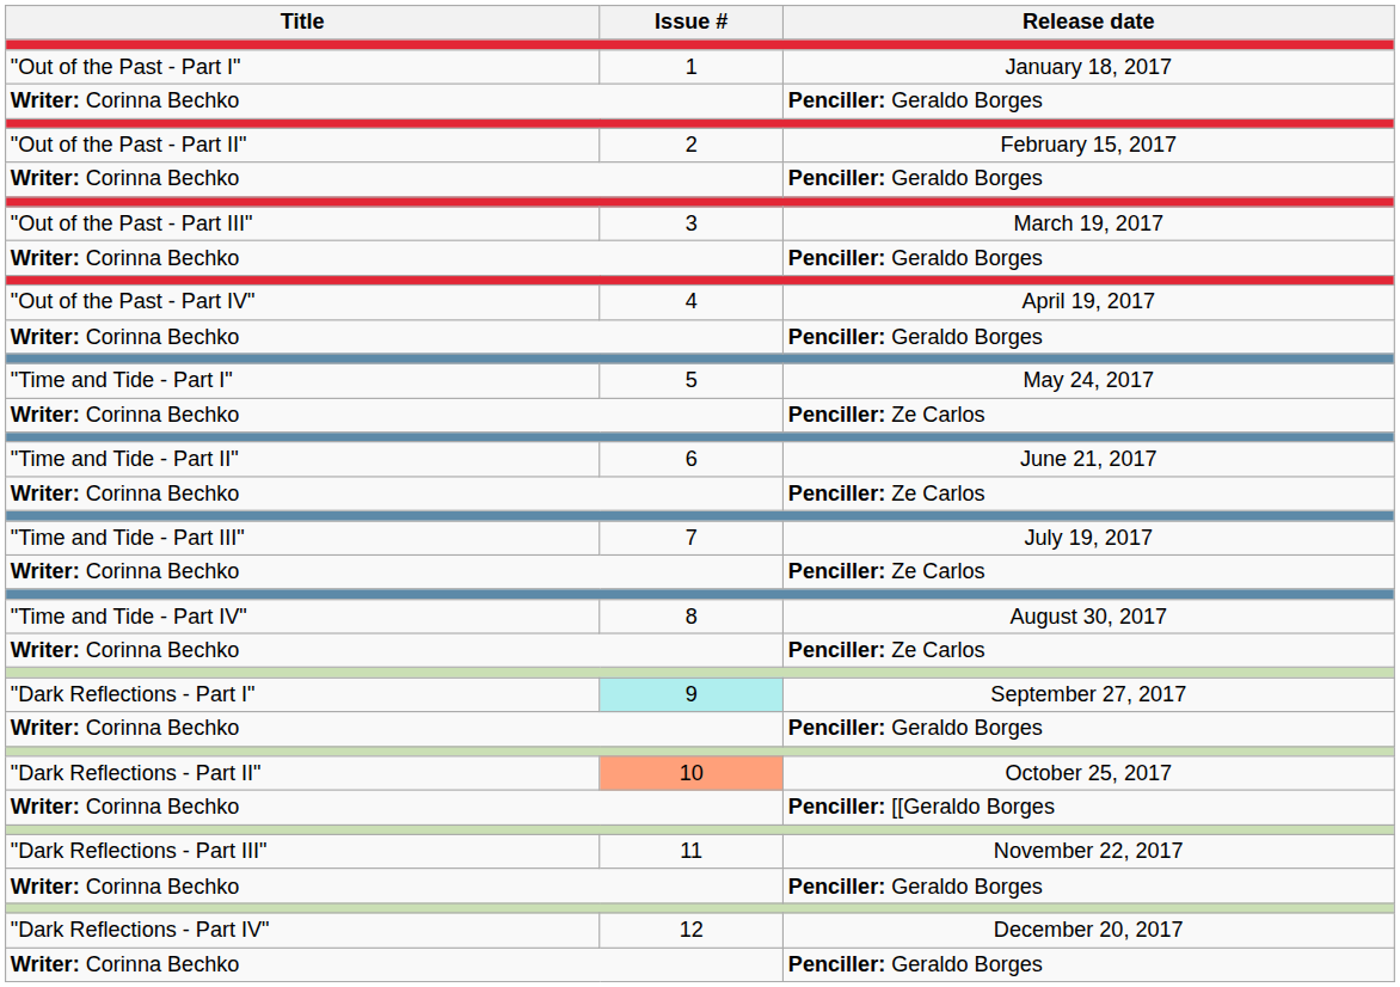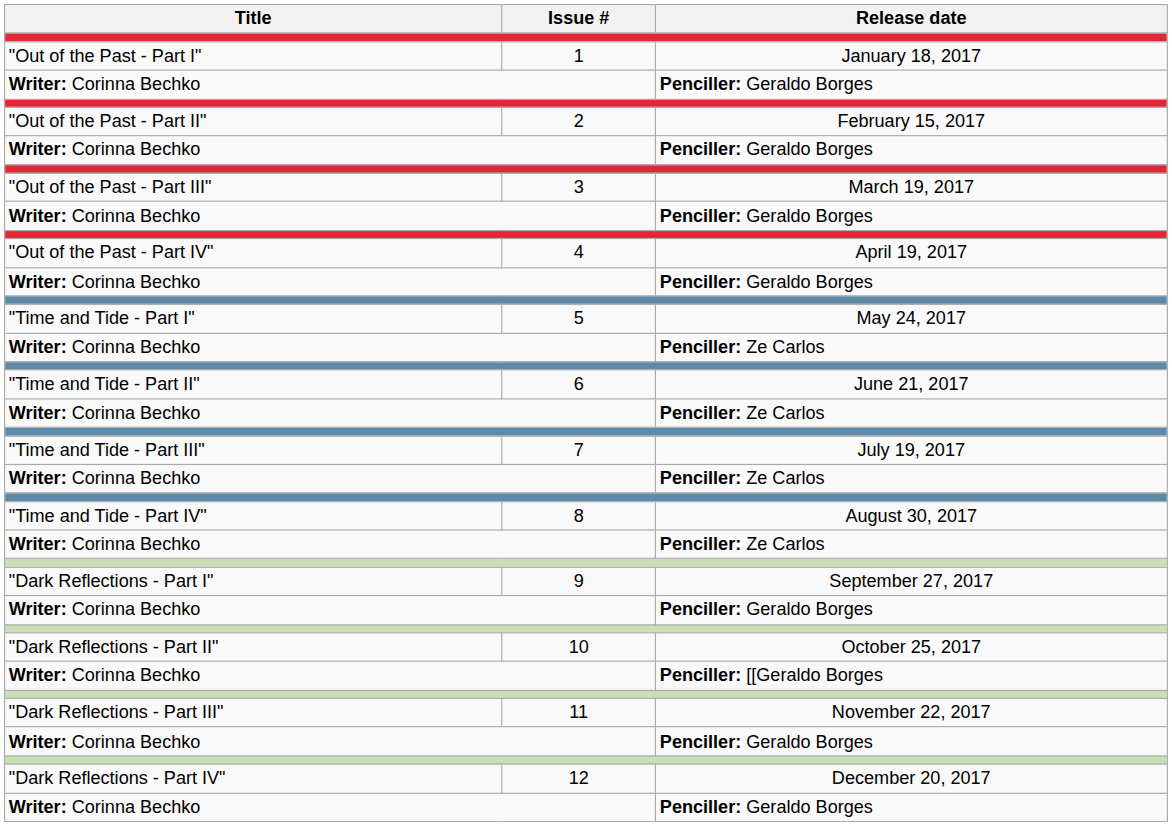 <table class="wikitable" style="width:65%;">
 <tr>
 <th>Title</th>
 <th>Issue #</th>
 <th>Release date</th>
 </tr>
 <tr>
 <td colspan="6" style="background:#e32636;"></td>
 </tr>
 <tr>
 <td>"Out of the Past - Part I"</td>
 <td style="text-align:center;">1</td>
 <td style="text-align:center;">January 18, 2017</td>
 </tr>
 <tr>
 <td colspan="2"><strong>Writer:</strong> Corinna Bechko</td>
 <td><strong>Penciller:</strong> Geraldo Borges</td>
 </tr>
 <tr>
 <td colspan="6" style="background:#e32636;"></td>
 </tr>
 <tr>
 <td>"Out of the Past - Part II"</td>
 <td style="text-align:center;">2</td>
 <td style="text-align:center;">February 15, 2017</td>
 </tr>
 <tr>
 <td colspan="2"><strong>Writer:</strong> Corinna Bechko</td>
 <td><strong>Penciller:</strong> Geraldo Borges</td>
 </tr>
 <tr>
 <td colspan="6" style="background:#e32636;"></td>
 </tr>
 <tr>
 <td>"Out of the Past - Part III"</td>
 <td style="text-align:center;">3</td>
 <td style="text-align:center;">March 19, 2017</td>
 </tr>
 <tr>
 <td colspan="2"><strong>Writer:</strong> Corinna Bechko</td>
 <td><strong>Penciller:</strong> Geraldo Borges</td>
 </tr>
 <tr>
 <td colspan="6" style="background:#e32636;"></td>
 </tr>
 <tr>
 <td>"Out of the Past - Part IV"</td>
 <td style="text-align:center;">4</td>
 <td style="text-align:center;">April 19, 2017</td>
 </tr>
 <tr>
 <td colspan="2"><strong>Writer:</strong> Corinna Bechko</td>
 <td><strong>Penciller:</strong> Geraldo Borges</td>
 </tr>
 <tr>
 <td colspan="6" style="background:#5d8aa8;"></td>
 </tr>
 <tr>
 <td>"Time and Tide - Part I"</td>
 <td style="text-align:center;">5</td>
 <td style="text-align:center;">May 24, 2017</td>
 </tr>
 <tr>
 <td colspan="2"><strong>Writer:</strong> Corinna Bechko</td>
 <td><strong>Penciller:</strong> Ze Carlos</td>
 </tr>
 <tr>
 <td colspan="6" style="background:#5d8aa8;"></td>
 </tr>
 <tr>
 <td>"Time and Tide - Part II"</td>
 <td style="text-align:center;">6</td>
 <td style="text-align:center;">June 21, 2017</td>
 </tr>
 <tr>
 <td colspan="2"><strong>Writer:</strong> Corinna Bechko</td>
 <td><strong>Penciller:</strong> Ze Carlos</td>
 </tr>
 <tr>
 <td colspan="6" style="background:#5d8aa8;"></td>
 </tr>
 <tr>
 <td>"Time and Tide - Part III"</td>
 <td style="text-align:center;">7</td>
 <td style="text-align:center;">July 19, 2017</td>
 </tr>
 <tr>
 <td colspan="2"><strong>Writer:</strong> Corinna Bechko</td>
 <td><strong>Penciller:</strong> Ze Carlos</td>
 </tr>
 <tr>
 <td colspan="6" style="background:#5d8aa8;"></td>
 </tr>
 <tr>
 <td>"Time and Tide - Part IV"</td>
 <td style="text-align:center;">8</td>
 <td style="text-align:center;">August 30, 2017</td>
 </tr>
 <tr>
 <td colspan="2"><strong>Writer:</strong> Corinna Bechko</td>
 <td><strong>Penciller:</strong> Ze Carlos</td>
 </tr>
 <tr>
 <td colspan="6" style="background:#cadfb4;"></td>
 </tr>
 <tr>
 <td>"Dark Reflections - Part I"</td>
-<td style="background: paleturquoise; text-align:center;">9</td>
+<td style="text-align:center;">9</td>
 <td style="text-align:center;">September 27, 2017</td>
 </tr>
 <tr>
 <td colspan="2"><strong>Writer:</strong> Corinna Bechko</td>
 <td><strong>Penciller:</strong> Geraldo Borges</td>
 </tr>
 <tr>
 <td colspan="6" style="background:#cadfb4;"></td>
 </tr>
 <tr>
 <td>"Dark Reflections - Part II"</td>
-<td style="background: lightsalmon; text-align:center;">10</td>
+<td style="text-align:center;">10</td>
 <td style="text-align:center;">October 25, 2017</td>
 </tr>
 <tr>
 <td colspan="2"><strong>Writer:</strong> Corinna Bechko</td>
 <td><strong>Penciller:</strong> [[Geraldo Borges</td>
 </tr>
 <tr>
 <td colspan="6" style="background:#cadfb4;"></td>
 </tr>
 <tr>
 <td>"Dark Reflections - Part III"</td>
 <td style="text-align:center;">11</td>
 <td style="text-align:center;">November 22, 2017</td>
 </tr>
 <tr>
 <td colspan="2"><strong>Writer:</strong> Corinna Bechko</td>
 <td><strong>Penciller:</strong> Geraldo Borges</td>
 </tr>
 <tr>
 <td colspan="6" style="background:#cadfb4;"></td>
 </tr>
 <tr>
 <td>"Dark Reflections - Part IV"</td>
 <td style="text-align:center;">12</td>
 <td style="text-align:center;">December 20, 2017</td>
 </tr>
 <tr>
 <td colspan="2"><strong>Writer:</strong> Corinna Bechko</td>
 <td><strong>Penciller:</strong> Geraldo Borges</td>
 </tr>
 </table>
